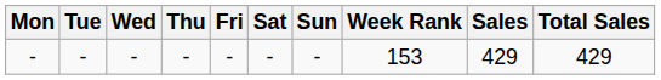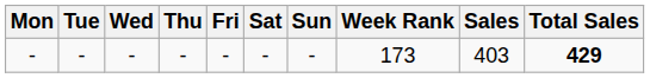 <table class="wikitable">
 <tr>
 <th>Mon</th>
 <th>Tue</th>
 <th>Wed</th>
 <th>Thu</th>
 <th>Fri</th>
 <th>Sat</th>
 <th>Sun</th>
 <th>Week Rank</th>
 <th>Sales</th>
 <th>Total Sales</th>
 </tr>
 <tr align="center">
 <td>-</td>
 <td>-</td>
 <td>-</td>
 <td>-</td>
 <td>-</td>
 <td>-</td>
 <td>-</td>
-<td>153</td>
-<td>429</td>
-<td>429</td>
+<td>173</td>
+<td>403</td>
+<td><strong>429</strong></td>
 </tr>
 </table>
